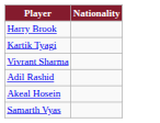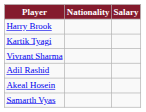 <table class="wikitable" style="font-size:90%;">
 <tr>
 <th style="background: #841B2D;color:white">Player</th>
 <th style="background: #841B2D;color:white">Nationality</th>
+<th style="background: #841B2D;color:white">Salary</th>
 </tr>
 <tr>
 <td><a href='#'>Harry Brook</a></td>
+<td></td>
 <td></td>
 </tr>
 <tr>
 <td><a href='#'>Kartik Tyagi</a></td>
 <td></td>
+<td></td>
 </tr>
 <tr>
 <td><a href='#'>Vivrant Sharma</a></td>
+<td></td>
 <td></td>
 </tr>
 <tr>
 <td><a href='#'>Adil Rashid</a></td>
 <td></td>
+<td></td>
 </tr>
 <tr>
 <td><a href='#'>Akeal Hosein</a></td>
+<td></td>
 <td></td>
 </tr>
 <tr>
 <td><a href='#'>Samarth Vyas</a></td>
 <td></td>
+<td></td>
 </tr>
 </table>
